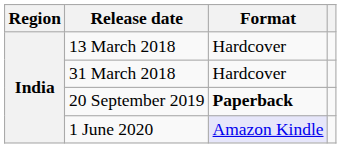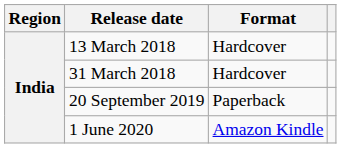 <table class="wikitable sortable plainrowheaders">
 <tr>
 <th scope="col">Region</th>
 <th scope="col">Release date</th>
 <th scope="col">Format</th>
 <th scope="col"></th>
 </tr>
 <tr>
 <th scope="row" rowspan="4">India</th>
 <td>13 March 2018</td>
 <td>Hardcover</td>
 <td style="text-align: center;"></td>
 </tr>
 <tr>
 <td>31 March 2018</td>
 <td>Hardcover</td>
 <td style="text-align: center;"></td>
 </tr>
 <tr>
 <td>20 September 2019</td>
-<td><strong>Paperback</strong></td>
+<td>Paperback</td>
 <td style="text-align: center;"></td>
 </tr>
 <tr>
 <td>1 June 2020</td>
-<td style="background: lavender;"><a href='#'>Amazon Kindle</a></td>
+<td><a href='#'>Amazon Kindle</a></td>
 <td style="text-align: center;"></td>
 </tr>
 </table>
